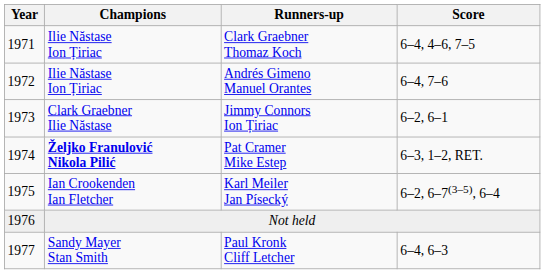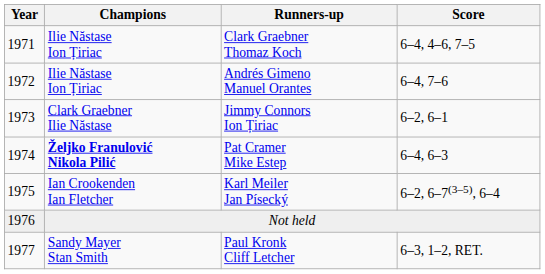 <table class="wikitable">
 <tr>
 <th style="width:40px">Year</th>
 <th style="width:200px">Champions</th>
 <th style="width:200px">Runners-up</th>
 <th style="width:160px" class="unsortable">Score</th>
 </tr>
 <tr>
 <td>1971</td>
 <td> <a href='#'>Ilie Năstase</a><br> <a href='#'>Ion Țiriac</a></td>
 <td> <a href='#'>Clark Graebner</a><br> <a href='#'>Thomaz Koch</a></td>
 <td>6–4, 4–6, 7–5</td>
 </tr>
 <tr>
 <td>1972</td>
 <td> <a href='#'>Ilie Năstase</a><br> <a href='#'>Ion Țiriac</a></td>
 <td> <a href='#'>Andrés Gimeno</a><br> <a href='#'>Manuel Orantes</a></td>
 <td>6–4, 7–6</td>
 </tr>
 <tr>
 <td>1973</td>
 <td> <a href='#'>Clark Graebner</a><br> <a href='#'>Ilie Năstase</a></td>
 <td> <a href='#'>Jimmy Connors</a><br> <a href='#'>Ion Țiriac</a></td>
 <td>6–2, 6–1</td>
 </tr>
 <tr>
 <td>1974</td>
 <td><strong> <a href='#'>Željko Franulović</a><br> <a href='#'>Nikola Pilić</a></strong></td>
 <td> <a href='#'>Pat Cramer</a><br> <a href='#'>Mike Estep</a></td>
-<td>6–3, 1–2, RET.</td>
+<td>6–4, 6–3</td>
 </tr>
 <tr>
 <td>1975</td>
 <td> <a href='#'>Ian Crookenden</a><br> <a href='#'>Ian Fletcher</a></td>
 <td> <a href='#'>Karl Meiler</a><br> <a href='#'>Jan Písecký</a></td>
 <td>6–2, 6–7<sup>(3–5)</sup>, 6–4</td>
 </tr>
 <tr>
 <td style="background:#efefef">1976</td>
 <td colspan=3 align=center style="background:#efefef"><em>Not held</em></td>
 </tr>
 <tr>
 <td>1977</td>
 <td> <a href='#'>Sandy Mayer</a><br> <a href='#'>Stan Smith</a></td>
 <td> <a href='#'>Paul Kronk</a><br> <a href='#'>Cliff Letcher</a></td>
-<td>6–4, 6–3</td>
+<td>6–3, 1–2, RET.</td>
 </tr>
 </table>
